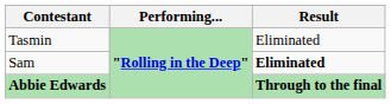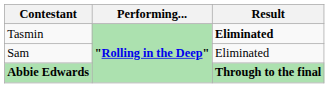 <table class="wikitable">
 <tr>
 <th>Contestant</th>
 <th>Performing...</th>
 <th>Result</th>
 </tr>
 <tr>
 <td>Tasmin</td>
 <td rowspan="3" style="background:#ACE1AF;"><strong>"<a href='#'>Rolling in the Deep</a>"</strong></td>
-<td>Eliminated</td>
+<td><strong>Eliminated</strong></td>
 </tr>
 <tr>
 <td>Sam</td>
-<td><strong>Eliminated</strong></td>
+<td>Eliminated</td>
 </tr>
 <tr>
 <td style="background:#ACE1AF;"><strong>Abbie Edwards</strong></td>
 <td style="background:#ACE1AF;"><strong>Through to the final</strong></td>
 </tr>
 </table>
